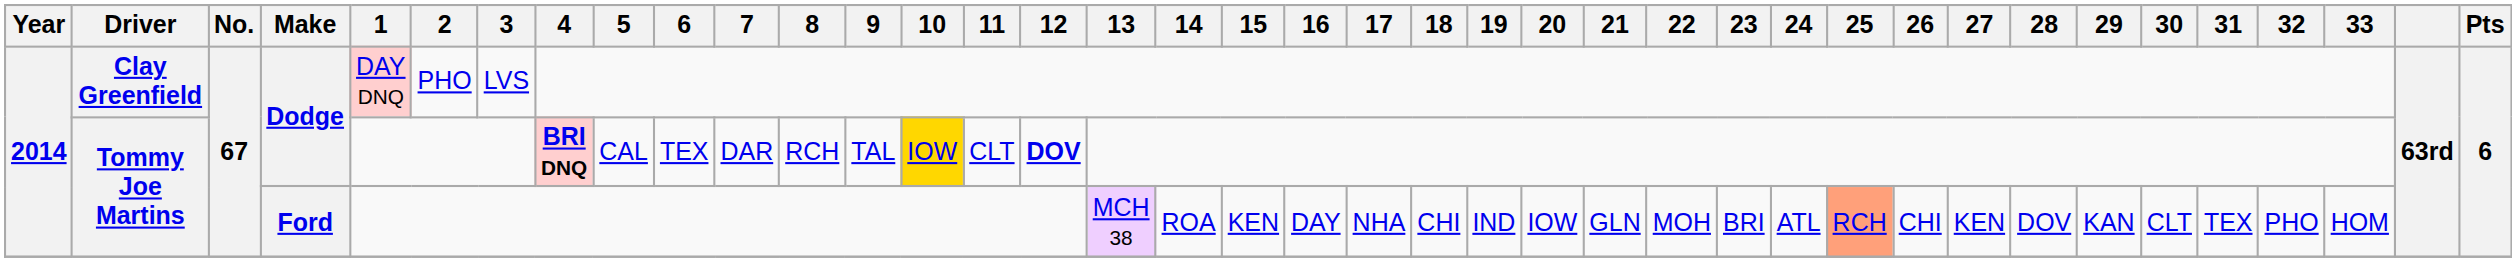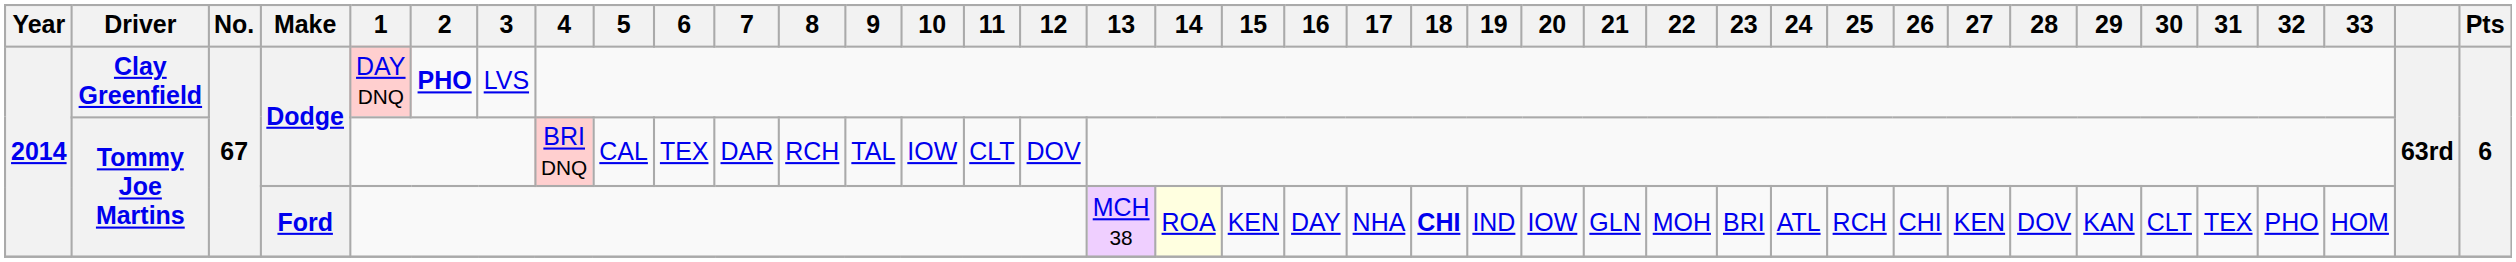 <table class="wikitable" style="text-align:center; font-size:75%">
 <tr>
 <th>Year</th>
 <th>Driver</th>
 <th>No.</th>
 <th>Make</th>
 <th>1</th>
 <th>2</th>
 <th>3</th>
 <th>4</th>
 <th>5</th>
 <th>6</th>
 <th>7</th>
 <th>8</th>
 <th>9</th>
 <th>10</th>
 <th>11</th>
 <th>12</th>
 <th>13</th>
 <th>14</th>
 <th>15</th>
 <th>16</th>
 <th>17</th>
 <th>18</th>
 <th>19</th>
 <th>20</th>
 <th>21</th>
 <th>22</th>
 <th>23</th>
 <th>24</th>
 <th>25</th>
 <th>26</th>
 <th>27</th>
 <th>28</th>
 <th>29</th>
 <th>30</th>
 <th>31</th>
 <th>32</th>
 <th>33</th>
 <th></th>
 <th>Pts</th>
 </tr>
 <tr>
 <th Rowspan=3><a href='#'>2014</a></th>
 <th><a href='#'>Clay Greenfield</a></th>
 <th Rowspan=3>67</th>
 <th Rowspan=2><a href='#'>Dodge</a></th>
 <td style="background:#FFCFCF;"><a href='#'>DAY</a><br><small>DNQ</small></td>
-<td><a href='#'>PHO</a></td>
+<td><strong><a href='#'>PHO</a></strong></td>
 <td><a href='#'>LVS</a></td>
 <td colspan=30></td>
 <th Rowspan=3>63rd</th>
 <th Rowspan=3>6</th>
 </tr>
 <tr>
 <th Rowspan=2><a href='#'>Tommy Joe Martins</a></th>
 <td colspan=3></td>
-<td style="background:#FFCFCF;"><strong><a href='#'>BRI</a><br><small>DNQ</small></strong></td>
+<td style="background:#FFCFCF;"><a href='#'>BRI</a><br><small>DNQ</small></td>
 <td><a href='#'>CAL</a></td>
 <td><a href='#'>TEX</a></td>
 <td><a href='#'>DAR</a></td>
 <td><a href='#'>RCH</a></td>
 <td><a href='#'>TAL</a></td>
-<td style="background: gold;"><a href='#'>IOW</a></td>
+<td><a href='#'>IOW</a></td>
 <td><a href='#'>CLT</a></td>
-<td><strong><a href='#'>DOV</a></strong></td>
+<td><a href='#'>DOV</a></td>
 <td colspan=21></td>
 </tr>
 <tr>
 <th><a href='#'>Ford</a></th>
 <td colspan=12></td>
 <td style="background:#EFCFFF;"><a href='#'>MCH</a><br><small>38</small></td>
-<td><a href='#'>ROA</a></td>
+<td style="background: lightyellow;"><a href='#'>ROA</a></td>
 <td><a href='#'>KEN</a></td>
 <td><a href='#'>DAY</a></td>
 <td><a href='#'>NHA</a></td>
-<td><a href='#'>CHI</a></td>
+<td><strong><a href='#'>CHI</a></strong></td>
 <td><a href='#'>IND</a></td>
 <td><a href='#'>IOW</a></td>
 <td><a href='#'>GLN</a></td>
 <td><a href='#'>MOH</a></td>
 <td><a href='#'>BRI</a></td>
 <td><a href='#'>ATL</a></td>
-<td style="background: lightsalmon;"><a href='#'>RCH</a></td>
+<td><a href='#'>RCH</a></td>
 <td><a href='#'>CHI</a></td>
 <td><a href='#'>KEN</a></td>
 <td><a href='#'>DOV</a></td>
 <td><a href='#'>KAN</a></td>
 <td><a href='#'>CLT</a></td>
 <td><a href='#'>TEX</a></td>
 <td><a href='#'>PHO</a></td>
 <td><a href='#'>HOM</a></td>
 </tr>
 <tr>
 </tr>
 </table>
